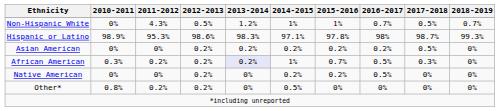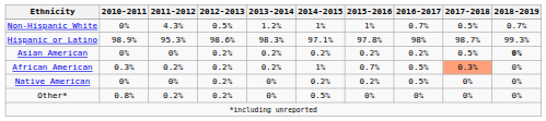 <table class="wikitable" style="font-size:85%; margin:10px; text-align:center; font-size:90%; margin:auto">
 <tr>
 <th><strong>Ethnicity</strong></th>
 <th><strong>2010-2011</strong></th>
 <th><strong>2011-2012</strong></th>
 <th><strong>2012-2013</strong></th>
 <th><strong>2013-2014</strong></th>
 <th><strong>2014-2015</strong></th>
 <th><strong>2015-2016</strong></th>
 <th><strong>2016-2017</strong></th>
 <th><strong>2017-2018</strong></th>
 <th><strong>2018-2019</strong></th>
 </tr>
 <tr>
 </tr>
 <tr>
 <td><a href='#'>Non-Hispanic White</a></td>
 <td>0%</td>
 <td>4.3%</td>
 <td>0.5%</td>
 <td>1.2%</td>
 <td>1%</td>
 <td>1%</td>
 <td>0.7%</td>
 <td>0.5%</td>
 <td>0.7%</td>
 </tr>
 <tr>
 <td><a href='#'>Hispanic or Latino</a></td>
 <td>98.9%</td>
 <td>95.3%</td>
 <td>98.6%</td>
 <td>98.3%</td>
 <td>97.1%</td>
 <td>97.8%</td>
 <td>98%</td>
 <td>98.7%</td>
 <td>99.3%</td>
 </tr>
 <tr>
 <td><a href='#'>Asian American</a></td>
 <td>0%</td>
 <td>0%</td>
 <td>0.2%</td>
 <td>0.2%</td>
 <td>0.2%</td>
 <td>0.2%</td>
 <td>0.2%</td>
 <td>0.5%</td>
-<td>0%</td>
+<td><strong>0%</strong></td>
 </tr>
 <tr>
 <td><a href='#'>African American</a></td>
 <td>0.3%</td>
 <td>0.2%</td>
 <td>0.2%</td>
-<td style="background: lavender;">0.2%</td>
+<td>0.2%</td>
 <td>1%</td>
 <td>0.7%</td>
 <td>0.5%</td>
-<td>0.3%</td>
+<td style="background: lightsalmon;">0.3%</td>
 <td>0%</td>
 </tr>
 <tr>
 <td><a href='#'>Native American</a></td>
 <td>0%</td>
 <td>0%</td>
 <td>0.2%</td>
 <td>0%</td>
 <td>0.2%</td>
 <td>0.2%</td>
 <td>0.5%</td>
 <td>0%</td>
 <td>0%</td>
 </tr>
 <tr>
 <td>Other*</td>
 <td>0.8%</td>
 <td>0.2%</td>
 <td>0.2%</td>
 <td>0%</td>
 <td>0.5%</td>
 <td>0%</td>
 <td>0%</td>
 <td>0%</td>
 <td>0%</td>
 </tr>
 <tr style="text-align:center;">
 <td colspan="10"><small> *including unreported</small></td>
 </tr>
 </table>
